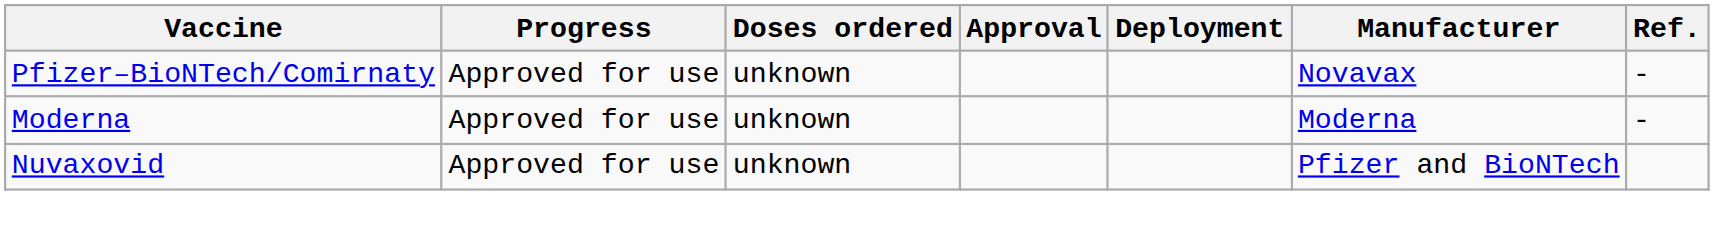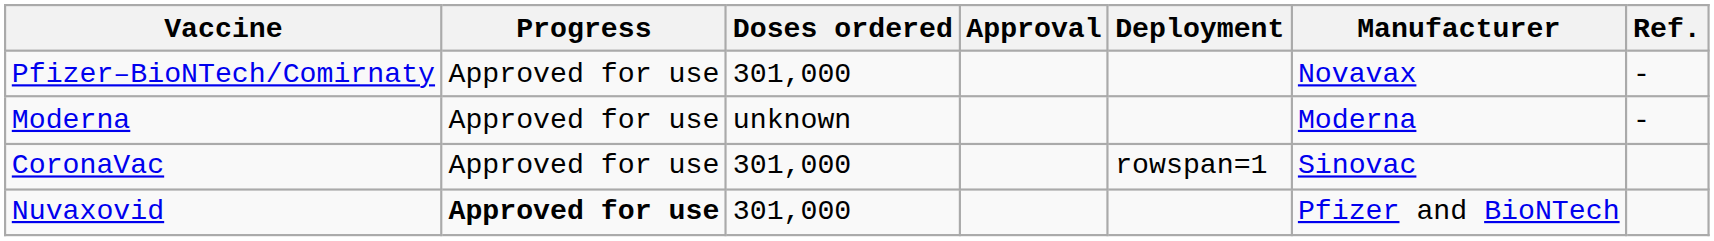 <table class="wikitable">
 <tr>
 <th>Vaccine</th>
 <th>Progress</th>
 <th>Doses ordered</th>
 <th>Approval</th>
 <th>Deployment</th>
 <th>Manufacturer</th>
 <th>Ref.</th>
 </tr>
 <tr>
 <td><a href='#'>Pfizer–BioNTech/Comirnaty</a></td>
 <td>Approved for use</td>
-<td>unknown</td>
+<td>301,000</td>
 <td> </td>
 <td></td>
 <td> <a href='#'>Novavax</a></td>
 <td>-</td>
 </tr>
 <tr>
 <td><a href='#'>Moderna</a></td>
 <td>Approved for use</td>
 <td>unknown</td>
 <td> </td>
 <td></td>
 <td> <a href='#'>Moderna</a></td>
 <td>-</td>
 </tr>
 <tr>
+<td><a href='#'>CoronaVac</a></td>
+<td>Approved for use</td>
+<td>301,000</td>
+<td> </td>
+<td>rowspan=1 </td>
+<td> <a href='#'>Sinovac</a></td>
+<td></td>
+</tr>
+<tr>
 <td><a href='#'>Nuvaxovid</a></td>
-<td>Approved for use</td>
-<td>unknown</td>
+<td><strong>Approved for use</strong></td>
+<td>301,000</td>
 <td> </td>
 <td></td>
 <td> <a href='#'>Pfizer</a> and <a href='#'>BioNTech</a></td>
 <td></td>
 </tr>
 </table>
